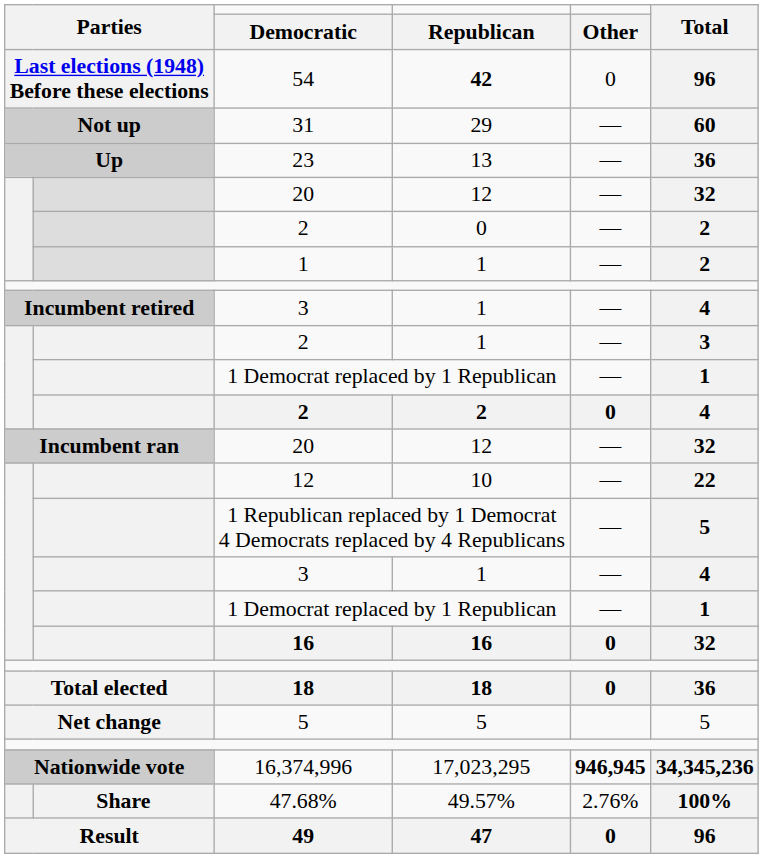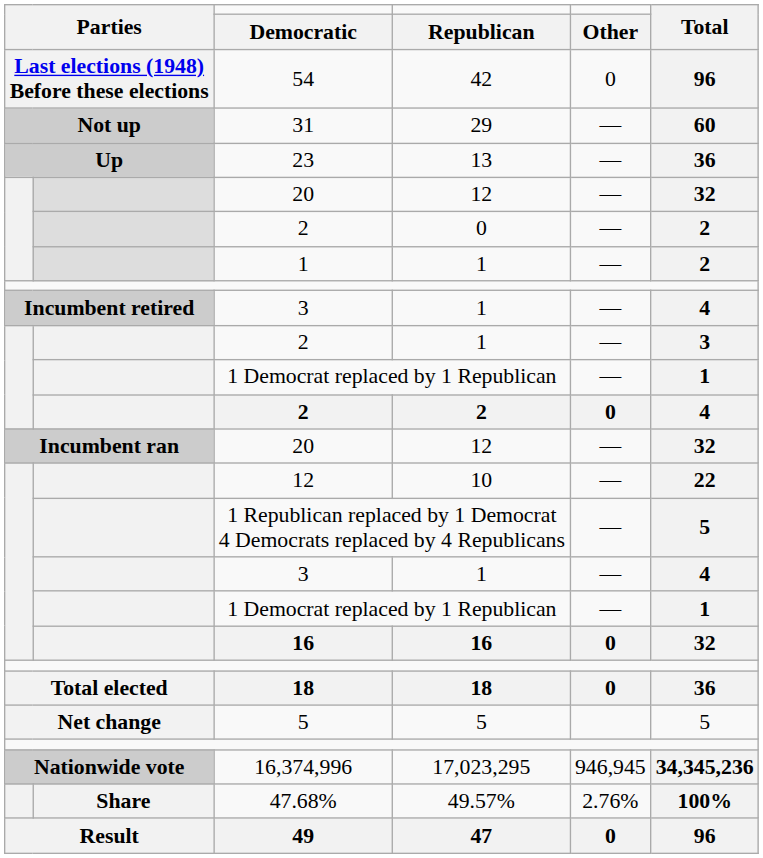 <table class=wikitable style=text-align:center>
 <tr>
 <th colspan=2 rowspan=2>Parties</th>
 <td></td>
 <td></td>
 <td></td>
 <th rowspan=2>Total</th>
 </tr>
 <tr valign=bottom>
 <th>Democratic</th>
 <th>Republican</th>
 <th>Other</th>
 </tr>
 <tr>
 <th colspan=2><a href='#'>Last elections (1948)</a><br>Before these elections</th>
 <td>54</td>
-<td><strong>42</strong></td>
+<td>42</td>
 <td>0</td>
 <th>96</th>
 </tr>
 <tr>
 <th colspan=2 style="background:#ccc">Not up</th>
 <td>31</td>
 <td>29</td>
 <td>—</td>
 <th>60</th>
 </tr>
 <tr>
 <th colspan=2 style="background:#ccc">Up</th>
 <td>23</td>
 <td>13</td>
 <td>—</td>
 <th>36</th>
 </tr>
 <tr>
 <th rowspan=3></th>
 <th style="background:#ddd"></th>
 <td>20</td>
 <td>12</td>
 <td>—</td>
 <th>32</th>
 </tr>
 <tr>
 <th style="background:#ddd"></th>
 <td>2</td>
 <td>0</td>
 <td>—</td>
 <th>2</th>
 </tr>
 <tr>
 <th style="background:#ddd"></th>
 <td>1</td>
 <td>1</td>
 <td>—</td>
 <th>2</th>
 </tr>
 <tr>
 <td colspan=100></td>
 </tr>
 <tr>
 <th colspan=2 style="background:#ccc">Incumbent retired</th>
 <td>3</td>
 <td>1</td>
 <td>—</td>
 <th>4</th>
 </tr>
 <tr>
 <th rowspan=3></th>
 <th></th>
 <td>2</td>
 <td>1</td>
 <td>—</td>
 <th>3</th>
 </tr>
 <tr>
 <th></th>
 <td colspan=2 >1 Democrat replaced by 1 Republican</td>
 <td>—</td>
 <th>1</th>
 </tr>
 <tr>
 <th></th>
 <th>2</th>
 <th>2</th>
 <th>0</th>
 <th>4</th>
 </tr>
 <tr>
 <th colspan=2 style="background:#ccc">Incumbent ran</th>
 <td>20</td>
 <td>12</td>
 <td>—</td>
 <th>32</th>
 </tr>
 <tr>
 <th rowspan=5></th>
 <th></th>
 <td>12</td>
 <td>10</td>
 <td>—</td>
 <th>22</th>
 </tr>
 <tr>
 <th></th>
 <td colspan=2 >1 Republican replaced by 1 Democrat<br>4 Democrats replaced by 4 Republicans</td>
 <td>—</td>
 <th>5</th>
 </tr>
 <tr>
 <th></th>
 <td>3</td>
 <td>1</td>
 <td>—</td>
 <th>4</th>
 </tr>
 <tr>
 <th></th>
 <td colspan=2 >1 Democrat replaced by 1 Republican</td>
 <td>—</td>
 <th>1</th>
 </tr>
 <tr>
 <th></th>
 <th>16</th>
 <th>16</th>
 <th>0</th>
 <th>32</th>
 </tr>
 <tr>
 <td colspan=99></td>
 </tr>
 <tr>
 <th colspan=2>Total elected</th>
 <th>18</th>
 <th>18</th>
 <th>0</th>
 <th>36</th>
 </tr>
 <tr>
 <th colspan=2>Net change</th>
 <td>5</td>
 <td>5</td>
 <td></td>
 <td>5</td>
 </tr>
 <tr>
 <td colspan=99></td>
 </tr>
 <tr>
 <th colspan=2 style="background:#ccc">Nationwide vote</th>
 <td>16,374,996</td>
 <td>17,023,295</td>
-<td><strong>946,945</strong></td>
+<td>946,945</td>
 <th>34,345,236</th>
 </tr>
 <tr>
 <th></th>
 <th>Share</th>
 <td>47.68%</td>
 <td>49.57%</td>
 <td>2.76%</td>
 <th>100%</th>
 </tr>
 <tr>
 <th colspan=2>Result</th>
 <th>49</th>
 <th>47</th>
 <th>0</th>
 <th>96</th>
 </tr>
 </table>
